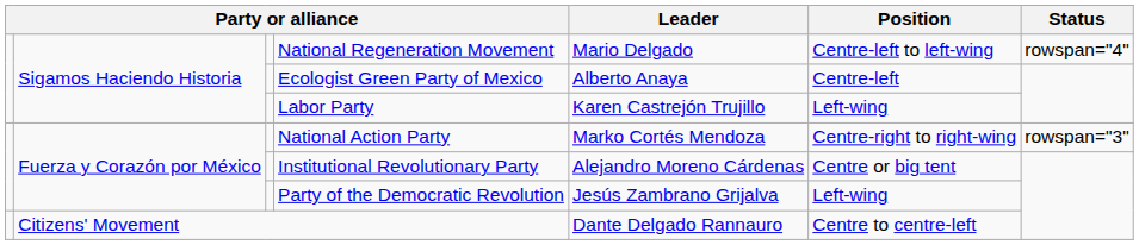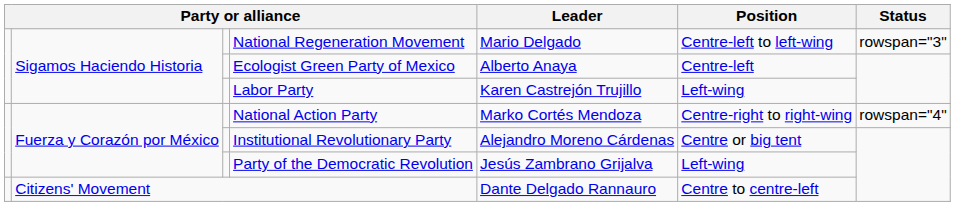 <table class="wikitable">
 <tr>
 <th colspan="4">Party or alliance</th>
 <th>Leader</th>
 <th>Position</th>
 <th>Status</th>
 </tr>
 <tr>
 <td rowspan="3" style="background:"></td>
 <td rowspan="3"><a href='#'>Sigamos Haciendo Historia</a></td>
 <td style="background:"></td>
 <td><a href='#'>National Regeneration Movement</a></td>
 <td><a href='#'>Mario Delgado</a></td>
 <td><a href='#'>Centre-left</a> to <a href='#'>left-wing</a></td>
-<td>rowspan="4" </td>
+<td>rowspan="3" </td>
 </tr>
 <tr>
 <td style="background:"></td>
 <td><a href='#'>Ecologist Green Party of Mexico</a></td>
 <td><a href='#'>Alberto Anaya</a></td>
 <td><a href='#'>Centre-left</a></td>
 </tr>
 <tr>
 <td style="background:"></td>
 <td><a href='#'>Labor Party</a></td>
 <td><a href='#'>Karen Castrejón Trujillo</a></td>
 <td><a href='#'>Left-wing</a></td>
 </tr>
 <tr>
 <td rowspan="3" style="background:"></td>
 <td rowspan="3"><a href='#'>Fuerza y Corazón por México</a></td>
 <td style="background:"></td>
 <td><a href='#'>National Action Party</a></td>
 <td><a href='#'>Marko Cortés Mendoza</a></td>
 <td><a href='#'>Centre-right</a> to <a href='#'>right-wing</a></td>
-<td>rowspan="3" </td>
+<td>rowspan="4" </td>
 </tr>
 <tr>
 <td style="background:"></td>
 <td><a href='#'>Institutional Revolutionary Party</a></td>
 <td><a href='#'>Alejandro Moreno Cárdenas</a></td>
 <td><a href='#'>Centre</a> or <a href='#'>big tent</a></td>
 </tr>
 <tr>
 <td style="background:"></td>
 <td><a href='#'>Party of the Democratic Revolution</a></td>
 <td><a href='#'>Jesús Zambrano Grijalva</a></td>
 <td><a href='#'>Left-wing</a></td>
 </tr>
 <tr>
 <td style="background:"></td>
 <td colspan="3"><a href='#'>Citizens' Movement</a></td>
 <td><a href='#'>Dante Delgado Rannauro</a></td>
 <td><a href='#'>Centre</a> to <a href='#'>centre-left</a></td>
 </tr>
 </table>
